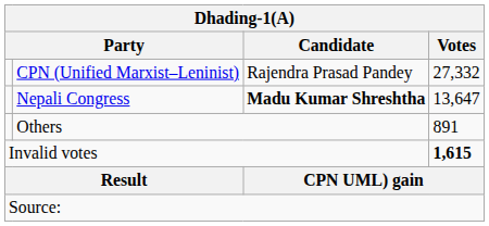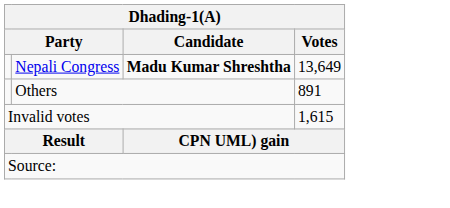 <table class="wikitable">
 <tr>
 <th colspan="4">Dhading-1(A)</th>
 </tr>
 <tr>
 <th colspan="2">Party</th>
 <th>Candidate</th>
 <th>Votes</th>
 </tr>
 <tr>
 <td style="background-color:"></td>
-<td><a href='#'>CPN (Unified Marxist–Leninist)</a></td>
-<td>Rajendra Prasad Pandey</td>
-<td>27,332</td>
-</tr>
-<tr>
-<td style="background-color:"></td>
 <td><a href='#'>Nepali Congress</a></td>
 <td><strong>Madu Kumar Shreshtha</strong></td>
-<td>13,647</td>
+<td>13,649</td>
 </tr>
 <tr>
 <td></td>
 <td colspan="2">Others</td>
 <td>891</td>
 </tr>
 <tr>
 <td colspan="3">Invalid votes</td>
-<td><strong>1,615</strong></td>
+<td>1,615</td>
 </tr>
 <tr>
 <th colspan="2">Result</th>
 <th colspan="2">CPN UML) gain</th>
 </tr>
 <tr>
 <td colspan="4">Source: </td>
 </tr>
 </table>
